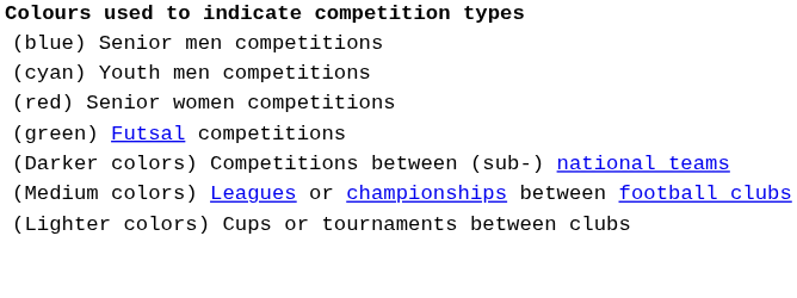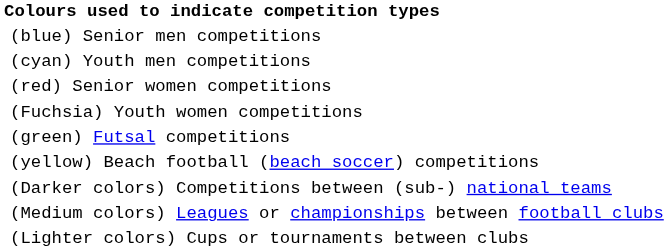 <table class="toc" style="cellspacing:0; width:40%; float:right;">
 <tr>
 <td colspan="2"><strong>Colours used to indicate competition types</strong></td>
 </tr>
 <tr>
 <td></td>
 <td>   (blue) Senior men competitions</td>
 </tr>
 <tr>
 <td></td>
 <td>   (cyan) Youth men competitions</td>
 </tr>
 <tr>
 <td></td>
 <td>   (red) Senior women competitions</td>
 </tr>
 <tr>
 <td></td>
+<td>   (Fuchsia) Youth women competitions</td>
+</tr>
+<tr>
+<td></td>
 <td>   (green) <a href='#'>Futsal</a> competitions</td>
+</tr>
+<tr>
+<td></td>
+<td>   (yellow) Beach football (<a href='#'>beach soccer</a>) competitions</td>
 </tr>
 <tr>
 <td></td>
 <td> (Darker colors) Competitions between (sub-) <a href='#'>national teams</a></td>
 </tr>
 <tr>
 <td></td>
 <td> (Medium colors) <a href='#'>Leagues</a> or <a href='#'>championships</a> between <a href='#'>football clubs</a></td>
 </tr>
 <tr>
 <td></td>
 <td> (Lighter colors) Cups or tournaments between clubs</td>
 </tr>
 </table>
